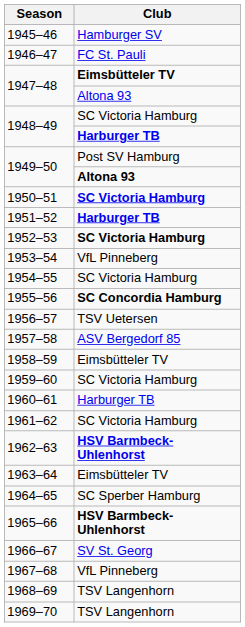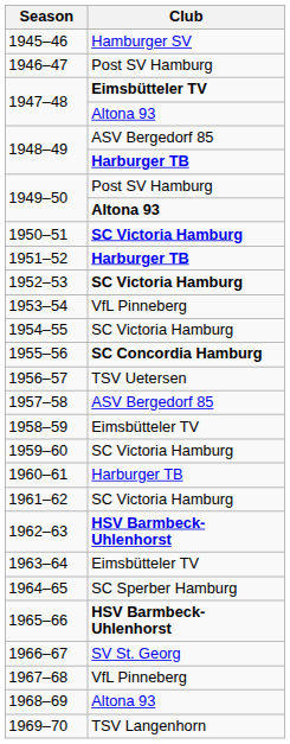 <table class="wikitable">
 <tr align="center" bgcolor="#dfdfdf">
 <th width="80">Season</th>
 <th width="200">Club</th>
 </tr>
 <tr>
 <td>1945–46</td>
 <td><a href='#'>Hamburger SV</a></td>
 </tr>
 <tr>
 <td>1946–47</td>
-<td><a href='#'>FC St. Pauli</a></td>
+<td>Post SV Hamburg</td>
 </tr>
 <tr>
 <td rowspan=2>1947–48</td>
 <td><strong>Eimsbütteler TV</strong></td>
 </tr>
 <tr>
 <td><a href='#'>Altona 93</a></td>
 </tr>
 <tr>
 <td rowspan=2>1948–49</td>
-<td>SC Victoria Hamburg</td>
+<td>ASV Bergedorf 85</td>
 </tr>
 <tr>
 <td><strong><a href='#'>Harburger TB</a></strong></td>
 </tr>
 <tr>
 <td rowspan=2>1949–50</td>
 <td>Post SV Hamburg</td>
 </tr>
 <tr>
 <td><strong>Altona 93</strong></td>
 </tr>
 <tr>
 <td>1950–51</td>
 <td><strong><a href='#'>SC Victoria Hamburg</a></strong></td>
 </tr>
 <tr>
 <td>1951–52</td>
 <td><strong><a href='#'>Harburger TB</a></strong></td>
 </tr>
 <tr>
 <td>1952–53</td>
 <td><strong>SC Victoria Hamburg</strong></td>
 </tr>
 <tr>
 <td>1953–54</td>
 <td>VfL Pinneberg</td>
 </tr>
 <tr>
 <td>1954–55</td>
 <td>SC Victoria Hamburg</td>
 </tr>
 <tr>
 <td>1955–56</td>
 <td><strong>SC Concordia Hamburg</strong></td>
 </tr>
 <tr>
 <td>1956–57</td>
 <td>TSV Uetersen</td>
 </tr>
 <tr>
 <td>1957–58</td>
 <td><a href='#'>ASV Bergedorf 85</a></td>
 </tr>
 <tr>
 <td>1958–59</td>
 <td>Eimsbütteler TV</td>
 </tr>
 <tr>
 <td>1959–60</td>
 <td>SC Victoria Hamburg</td>
 </tr>
 <tr>
 <td>1960–61</td>
 <td><a href='#'>Harburger TB</a></td>
 </tr>
 <tr>
 <td>1961–62</td>
 <td>SC Victoria Hamburg</td>
 </tr>
 <tr>
 <td>1962–63</td>
 <td><strong><a href='#'>HSV Barmbeck-Uhlenhorst</a></strong></td>
 </tr>
 <tr>
 <td>1963–64</td>
 <td>Eimsbütteler TV</td>
 </tr>
 <tr>
 <td>1964–65</td>
 <td>SC Sperber Hamburg</td>
 </tr>
 <tr>
 <td>1965–66</td>
 <td><strong>HSV Barmbeck-Uhlenhorst</strong></td>
 </tr>
 <tr>
 <td>1966–67</td>
 <td><a href='#'>SV St. Georg</a></td>
 </tr>
 <tr>
 <td>1967–68</td>
 <td>VfL Pinneberg</td>
 </tr>
 <tr>
 <td>1968–69</td>
-<td>TSV Langenhorn</td>
+<td><a href='#'>Altona 93</a></td>
 </tr>
 <tr>
 <td>1969–70</td>
 <td>TSV Langenhorn</td>
 </tr>
 </table>
